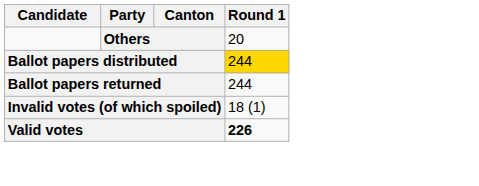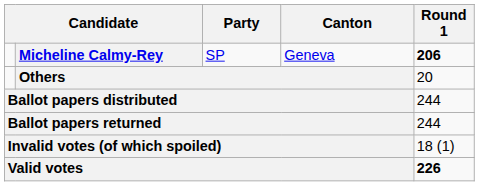 <table class="wikitable">
 <tr>
 <th colspan=2>Candidate</th>
 <th>Party</th>
 <th>Canton</th>
 <th>Round 1</th>
 </tr>
 <tr>
+<td width=5px style="background-color: "></td>
+<td width=200px style="background-color:#F2F2F2"><strong><a href='#'>Micheline Calmy-Rey</a></strong></td>
+<td width=80px><a href='#'>SP</a></td>
+<td width=140px><a href='#'>Geneva</a></td>
+<td width=60px><strong>206</strong></td>
+</tr>
+<tr>
 <td></td>
 <td colspan=3 style="background-color:#F2F2F2"><strong>Others</strong></td>
 <td>20</td>
 </tr>
 <tr>
 <td colspan=4 style="background-color:#F2F2F2"><strong>Ballot papers distributed</strong></td>
-<td style="background: gold;">244</td>
+<td>244</td>
 </tr>
 <tr>
 <td colspan=4 style="background-color:#F2F2F2"><strong>Ballot papers returned</strong></td>
 <td>244</td>
 </tr>
 <tr>
 <td colspan=4 style="background-color:#F2F2F2"><strong>Invalid votes (of which spoiled)</strong></td>
 <td>18 (1)</td>
 </tr>
 <tr>
 <td colspan=4 style="background-color:#F2F2F2"><strong>Valid votes</strong></td>
 <td><strong>226</strong></td>
 </tr>
 </table>
